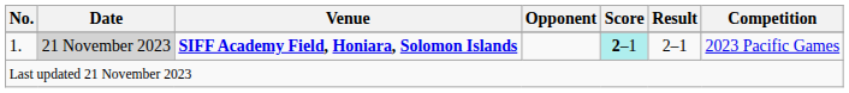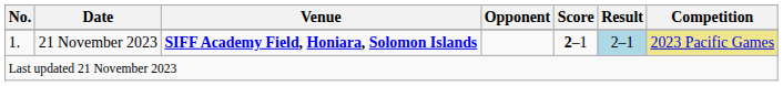 <table class="wikitable" style="font-size:85%;">
 <tr>
 <th>No.</th>
 <th>Date</th>
 <th>Venue</th>
 <th>Opponent</th>
 <th>Score</th>
 <th>Result</th>
 <th>Competition</th>
 </tr>
 <tr>
 </tr>
 <tr>
 <td>1.</td>
-<td style="background: lightgrey;">21 November 2023</td>
+<td>21 November 2023</td>
 <td><strong><a href='#'>SIFF Academy Field</a>, <a href='#'>Honiara</a>, <a href='#'>Solomon Islands</a></strong></td>
 <td></td>
-<td align=center style="background: paleturquoise;"><strong>2</strong>–1</td>
-<td align=center>2–1</td>
-<td><a href='#'>2023 Pacific Games</a></td>
+<td align=center><strong>2</strong>–1</td>
+<td align=center style="background: lightblue;">2–1</td>
+<td style="background: khaki;"><a href='#'>2023 Pacific Games</a></td>
 </tr>
 <tr>
 <td colspan="7"><small>Last updated 21 November 2023</small></td>
 </tr>
 </table>
